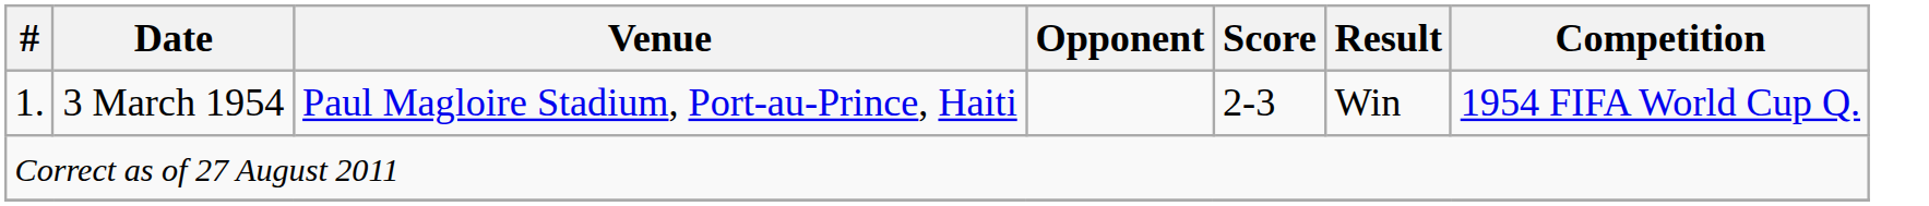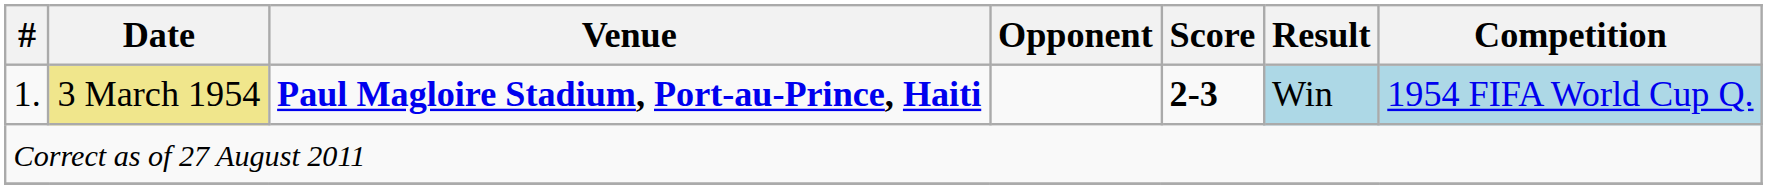 <table class="wikitable" style="font-size:95%;">
 <tr>
 <th>#</th>
 <th>Date</th>
 <th>Venue</th>
 <th>Opponent</th>
 <th>Score</th>
 <th>Result</th>
 <th>Competition</th>
 </tr>
 <tr>
 <td>1.</td>
-<td>3 March 1954</td>
-<td><a href='#'>Paul Magloire Stadium</a>, <a href='#'>Port-au-Prince</a>, <a href='#'>Haiti</a></td>
+<td style="background: khaki;">3 March 1954</td>
+<td><strong><a href='#'>Paul Magloire Stadium</a>, <a href='#'>Port-au-Prince</a>, <a href='#'>Haiti</a></strong></td>
 <td></td>
-<td>2-3</td>
-<td>Win</td>
-<td><a href='#'>1954 FIFA World Cup Q.</a></td>
+<td><strong>2-3</strong></td>
+<td style="background: lightblue;">Win</td>
+<td style="background: lightblue;"><a href='#'>1954 FIFA World Cup Q.</a></td>
 </tr>
 <tr>
 <td colspan="12"><small><em>Correct as of 27 August 2011</em></small></td>
 </tr>
 <tr>
 </tr>
 </table>
